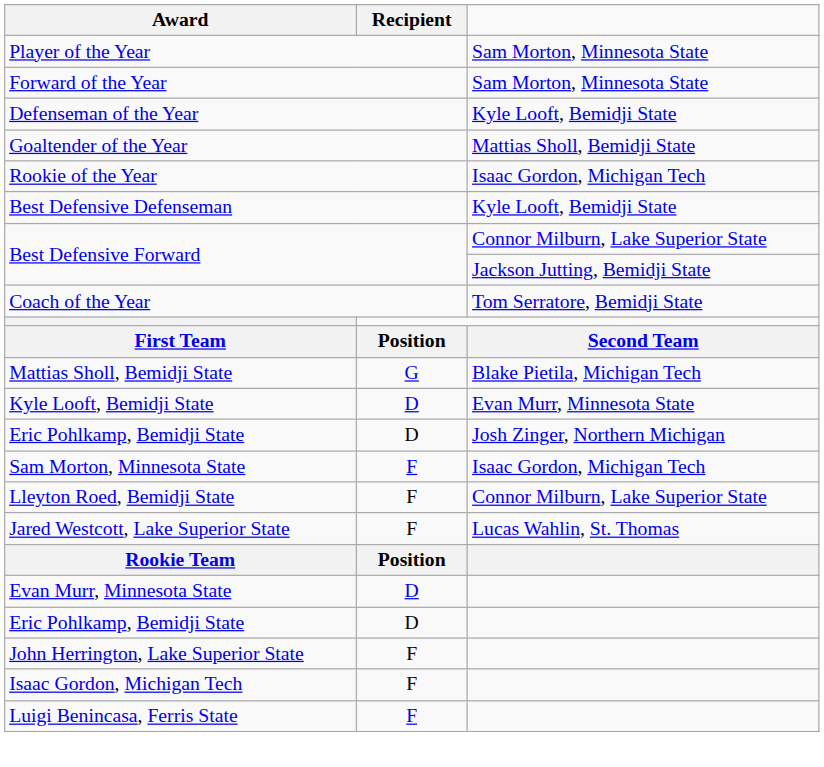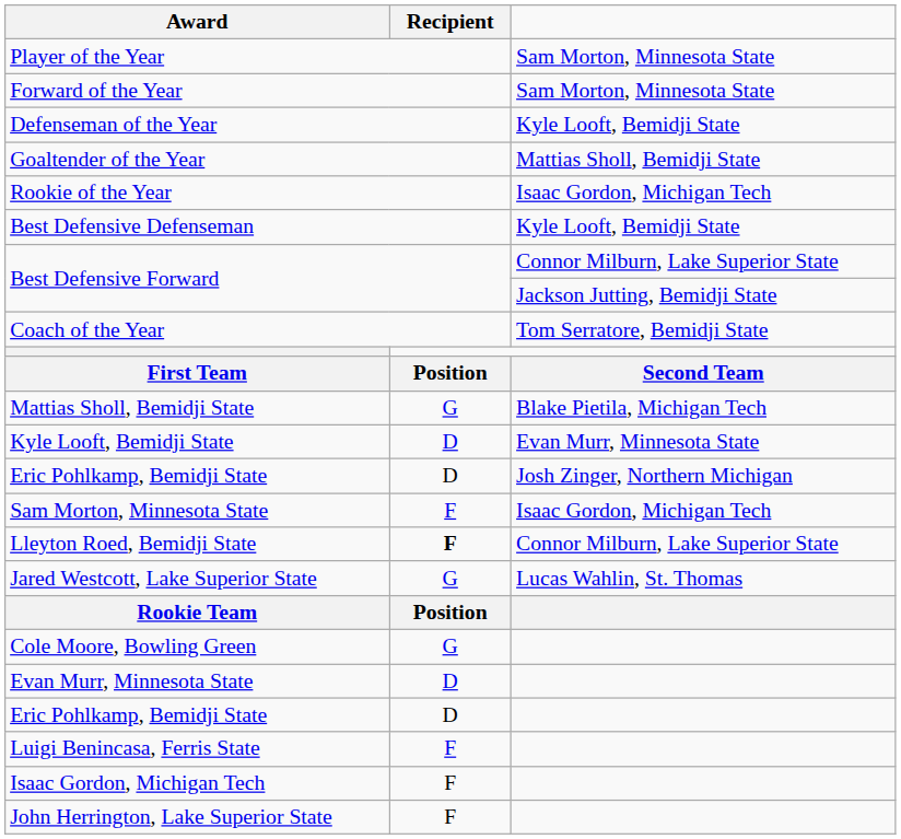 <table class="wikitable" width=75%>
 <tr>
 <th>Award</th>
 <th>Recipient</th>
 </tr>
 <tr>
 <td colspan=2><a href='#'>Player of the Year</a></td>
 <td><a href='#'>Sam Morton</a>, <a href='#'>Minnesota State</a></td>
 </tr>
 <tr>
 <td colspan=2><a href='#'>Forward of the Year</a></td>
 <td><a href='#'>Sam Morton</a>, <a href='#'>Minnesota State</a></td>
 </tr>
 <tr>
 <td colspan=2><a href='#'>Defenseman of the Year</a></td>
 <td><a href='#'>Kyle Looft</a>, <a href='#'>Bemidji State</a></td>
 </tr>
 <tr>
 <td colspan=2><a href='#'>Goaltender of the Year</a></td>
 <td><a href='#'>Mattias Sholl</a>, <a href='#'>Bemidji State</a></td>
 </tr>
 <tr>
 <td colspan=2><a href='#'>Rookie of the Year</a></td>
 <td><a href='#'>Isaac Gordon</a>, <a href='#'>Michigan Tech</a></td>
 </tr>
 <tr>
 <td colspan=2><a href='#'>Best Defensive Defenseman</a></td>
 <td><a href='#'>Kyle Looft</a>, <a href='#'>Bemidji State</a></td>
 </tr>
 <tr>
 <td rowspan=2, colspan=2><a href='#'>Best Defensive Forward</a></td>
 <td><a href='#'>Connor Milburn</a>, <a href='#'>Lake Superior State</a></td>
 </tr>
 <tr>
 <td><a href='#'>Jackson Jutting</a>, <a href='#'>Bemidji State</a></td>
 </tr>
 <tr>
 <td colspan=2><a href='#'>Coach of the Year</a></td>
 <td><a href='#'>Tom Serratore</a>, <a href='#'>Bemidji State</a></td>
 </tr>
 <tr>
 <th><a href='#'></a></th>
 </tr>
 <tr>
 <th><a href='#'>First Team</a></th>
 <th>  Position  </th>
 <th><a href='#'>Second Team</a></th>
 </tr>
 <tr>
 <td><a href='#'>Mattias Sholl</a>, <a href='#'>Bemidji State</a></td>
 <td align=center><a href='#'>G</a></td>
 <td><a href='#'>Blake Pietila</a>, <a href='#'>Michigan Tech</a></td>
 </tr>
 <tr>
 <td><a href='#'>Kyle Looft</a>, <a href='#'>Bemidji State</a></td>
 <td align=center><a href='#'>D</a></td>
 <td><a href='#'>Evan Murr</a>, <a href='#'>Minnesota State</a></td>
 </tr>
 <tr>
 <td><a href='#'>Eric Pohlkamp</a>, <a href='#'>Bemidji State</a></td>
 <td align=center>D</td>
 <td><a href='#'>Josh Zinger</a>, <a href='#'>Northern Michigan</a></td>
 </tr>
 <tr>
 <td><a href='#'>Sam Morton</a>, <a href='#'>Minnesota State</a></td>
 <td align=center><a href='#'>F</a></td>
 <td><a href='#'>Isaac Gordon</a>, <a href='#'>Michigan Tech</a></td>
 </tr>
 <tr>
 <td><a href='#'>Lleyton Roed</a>, <a href='#'>Bemidji State</a></td>
-<td align=center>F</td>
+<td align=center><strong>F</strong></td>
 <td><a href='#'>Connor Milburn</a>, <a href='#'>Lake Superior State</a></td>
 </tr>
 <tr>
 <td><a href='#'>Jared Westcott</a>, <a href='#'>Lake Superior State</a></td>
-<td align=center>F</td>
+<td align=center><a href='#'>G</a></td>
 <td><a href='#'>Lucas Wahlin</a>, <a href='#'>St. Thomas</a></td>
 </tr>
 <tr>
 <th><a href='#'>Rookie Team</a></th>
 <th>  Position  </th>
 <th></th>
+</tr>
+<tr>
+<td><a href='#'>Cole Moore</a>, <a href='#'>Bowling Green</a></td>
+<td align=center><a href='#'>G</a></td>
+<td></td>
 </tr>
 <tr>
 <td><a href='#'>Evan Murr</a>, <a href='#'>Minnesota State</a></td>
 <td align=center><a href='#'>D</a></td>
 <td></td>
 </tr>
 <tr>
 <td><a href='#'>Eric Pohlkamp</a>, <a href='#'>Bemidji State</a></td>
 <td align=center>D</td>
 <td></td>
 </tr>
 <tr>
-<td><a href='#'>John Herrington</a>, <a href='#'>Lake Superior State</a></td>
-<td align=center>F</td>
+<td><a href='#'>Luigi Benincasa</a>, <a href='#'>Ferris State</a></td>
+<td align=center><a href='#'>F</a></td>
 <td></td>
 </tr>
 <tr>
 <td><a href='#'>Isaac Gordon</a>, <a href='#'>Michigan Tech</a></td>
 <td align=center>F</td>
 <td></td>
 </tr>
 <tr>
-<td><a href='#'>Luigi Benincasa</a>, <a href='#'>Ferris State</a></td>
-<td align=center><a href='#'>F</a></td>
+<td><a href='#'>John Herrington</a>, <a href='#'>Lake Superior State</a></td>
+<td align=center>F</td>
 <td></td>
 </tr>
 </table>
